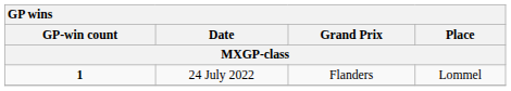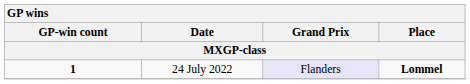 <table class="wikitable mw-collapsible mw-collapsed" style=" text-align:center; width:50%;">
 <tr>
 <th style="text-align:left;" colspan = 10>GP wins</th>
 </tr>
 <tr>
 <th>GP-win count</th>
 <th>Date</th>
 <th>Grand Prix</th>
 <th>Place</th>
 </tr>
 <tr>
 <th Colspan=4>MXGP-class</th>
 </tr>
 <tr>
 <td><strong>1</strong></td>
 <td>24 July 2022</td>
-<td>Flanders</td>
-<td>Lommel</td>
+<td style="background: lavender;">Flanders</td>
+<td><strong>Lommel</strong></td>
 </tr>
 <tr>
 </tr>
 </table>
